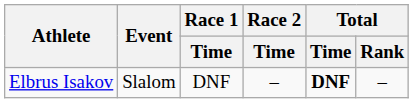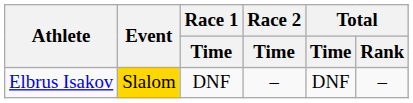 <table class="wikitable" style="font-size:90%">
 <tr>
 <th rowspan="2">Athlete</th>
 <th rowspan="2">Event</th>
 <th>Race 1</th>
 <th>Race 2</th>
 <th colspan="2">Total</th>
 </tr>
 <tr>
 <th>Time</th>
 <th>Time</th>
 <th>Time</th>
 <th>Rank</th>
 </tr>
 <tr>
 <td><a href='#'>Elbrus Isakov</a></td>
-<td>Slalom</td>
+<td style="background: gold;">Slalom</td>
 <td align="center">DNF</td>
 <td align="center">–</td>
-<td align="center"><strong>DNF</strong></td>
+<td align="center">DNF</td>
 <td align="center">–</td>
 </tr>
 </table>
